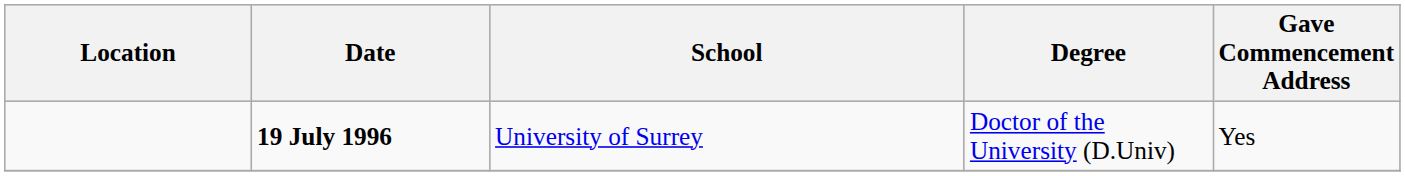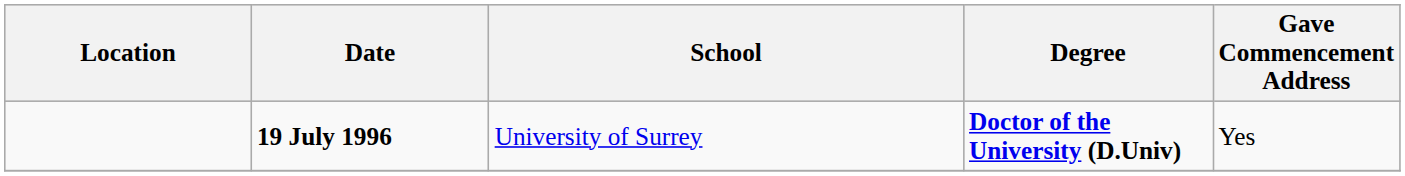 <table class="wikitable" style="width:100%;">
 <tr>
 <th style="width:20%;">Location</th>
 <th style="width:20%;">Date</th>
 <th style="width:40%;">School</th>
 <th style="width:20%;">Degree</th>
 <th style="width:20%;">Gave Commencement Address</th>
 </tr>
 <tr>
 <td></td>
 <td><strong>19 July 1996</strong></td>
 <td><a href='#'>University of Surrey</a></td>
-<td><a href='#'>Doctor of the University</a> (D.Univ)</td>
+<td><strong><a href='#'>Doctor of the University</a> (D.Univ)</strong></td>
 <td>Yes</td>
 </tr>
 <tr>
 </tr>
 </table>
